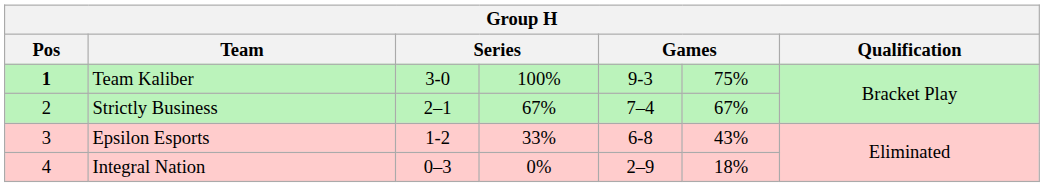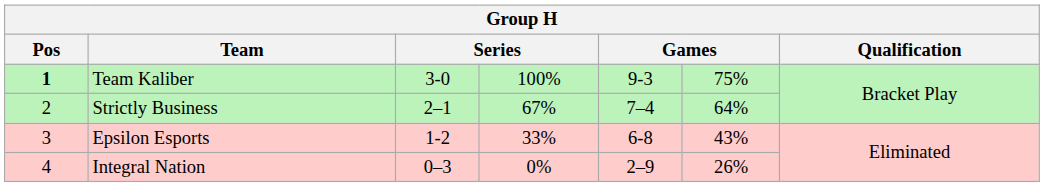 <table class="wikitable" style="display: inline-table; margin-left: 50px;width: 45%;">
 <tr>
 <th colspan="7">Group H</th>
 </tr>
 <tr>
 <th>Pos</th>
 <th>Team</th>
 <th colspan="2">Series</th>
 <th colspan="2">Games</th>
 <th>Qualification</th>
 </tr>
 <tr>
 <td style="text-align:center; background:#BBF3BB;"><strong>1</strong></td>
 <td style="text-align:left; background:#BBF3BB;">Team Kaliber</td>
 <td style="text-align:center; background:#BBF3BB;">3-0</td>
 <td style="text-align:center; background:#BBF3BB;">100%</td>
 <td style="text-align:center; background:#BBF3BB;">9-3</td>
 <td style="text-align:center; background:#BBF3BB;">75%</td>
 <td style="text-align:center; background:#BBF3BB;" rowspan="2">Bracket Play</td>
 </tr>
 <tr>
 <td style="text-align:center; background:#BBF3BB;">2</td>
 <td style="text-align:left; background:#BBF3BB;">Strictly Business</td>
 <td style="text-align:center; background:#BBF3BB;">2–1</td>
 <td style="text-align:center; background:#BBF3BB;">67%</td>
 <td style="text-align:center; background:#BBF3BB;">7–4</td>
-<td style="text-align:center; background:#BBF3BB;">67%</td>
+<td style="text-align:center; background:#BBF3BB;">64%</td>
 </tr>
 <tr>
 <td style="text-align:center; background:#FFCCCC;">3</td>
 <td style="text-align:left; background:#FFCCCC;">Epsilon Esports</td>
 <td style="text-align:center; background:#FFCCCC;">1-2</td>
 <td style="text-align:center; background:#FFCCCC;">33%</td>
 <td style="text-align:center; background:#FFCCCC;">6-8</td>
 <td style="text-align:center; background:#FFCCCC;">43%</td>
 <td style="text-align:center; background:#FFCCCC;" rowspan="2">Eliminated</td>
 </tr>
 <tr>
 <td style="text-align:center; background:#FFCCCC;">4</td>
 <td style="text-align:left; background:#FFCCCC;">Integral Nation</td>
 <td style="text-align:center; background:#FFCCCC;">0–3</td>
 <td style="text-align:center; background:#FFCCCC;">0%</td>
 <td style="text-align:center; background:#FFCCCC;">2–9</td>
-<td style="text-align:center; background:#FFCCCC;">18%</td>
+<td style="text-align:center; background:#FFCCCC;">26%</td>
 </tr>
 </table>
